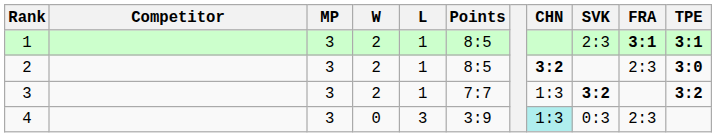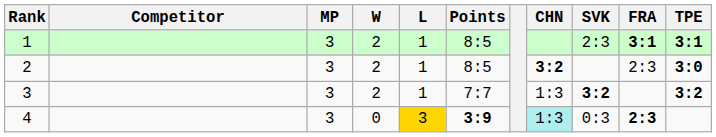 <table class="wikitable" style="text-align:center">
 <tr>
 <th>Rank</th>
 <th style="width:16em">Competitor</th>
 <th style="width:2.5em">MP</th>
 <th style="width:2.5em">W</th>
 <th style="width:2.5em">L</th>
 <th>Points</th>
 <th rowspan="5"> </th>
 <th style="width:2.5em">CHN</th>
 <th style="width:2.5em">SVK</th>
 <th style="width:2.5em">FRA</th>
 <th style="width:2.5em">TPE</th>
 </tr>
 <tr style="background:#cfc;">
 <td>1</td>
 <td style="text-align:left"></td>
 <td>3</td>
 <td>2</td>
 <td>1</td>
 <td>8:5</td>
 <td></td>
 <td>2:3</td>
 <td><strong>3:1</strong></td>
 <td><strong>3:1</strong></td>
 </tr>
 <tr>
 <td>2</td>
 <td style="text-align:left"></td>
 <td>3</td>
 <td>2</td>
 <td>1</td>
 <td>8:5</td>
 <td><strong>3:2</strong></td>
 <td></td>
 <td>2:3</td>
 <td><strong>3:0</strong></td>
 </tr>
 <tr>
 <td>3</td>
 <td style="text-align:left"></td>
 <td>3</td>
 <td>2</td>
 <td>1</td>
 <td>7:7</td>
 <td>1:3</td>
 <td><strong>3:2</strong></td>
 <td></td>
 <td><strong>3:2</strong></td>
 </tr>
 <tr>
 <td>4</td>
 <td style="text-align:left"></td>
 <td>3</td>
 <td>0</td>
-<td>3</td>
-<td>3:9</td>
+<td style="background: gold;">3</td>
+<td><strong>3:9</strong></td>
 <td style="background: paleturquoise;">1:3</td>
 <td>0:3</td>
-<td>2:3</td>
+<td><strong>2:3</strong></td>
 <td></td>
 </tr>
 </table>
